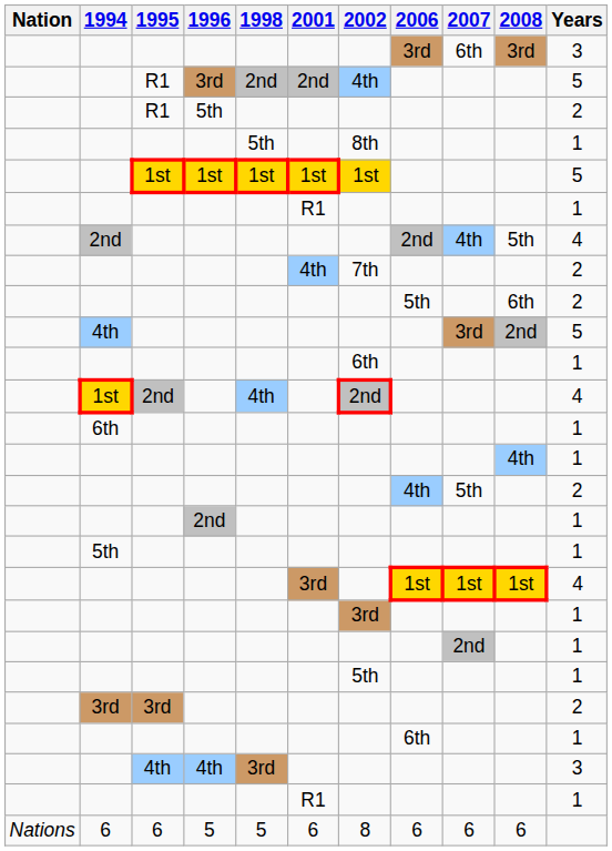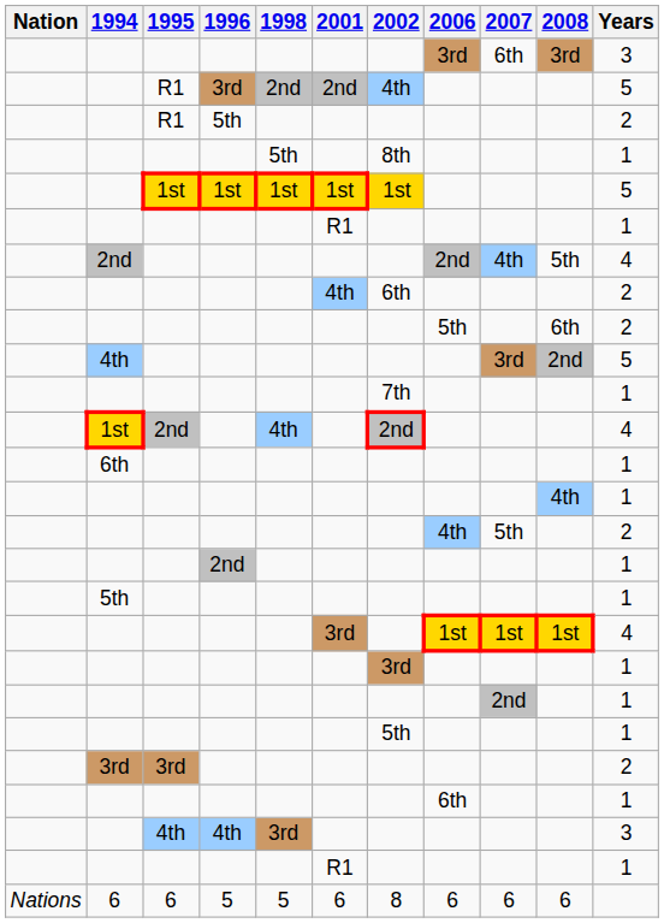 <table class="wikitable" style="text-align:center">
 <tr>
 <th>Nation</th>
 <th><a href='#'>1994</a><br></th>
 <th><a href='#'>1995</a><br></th>
 <th><a href='#'>1996</a><br></th>
 <th><a href='#'>1998</a><br></th>
 <th><a href='#'>2001</a><br></th>
 <th><a href='#'>2002</a><br></th>
 <th><a href='#'>2006</a><br></th>
 <th><a href='#'>2007</a><br></th>
 <th><a href='#'>2008</a><br></th>
 <th>Years</th>
 </tr>
 <tr>
 <td align=left></td>
 <td></td>
 <td></td>
 <td></td>
 <td></td>
 <td></td>
 <td></td>
 <td bgcolor=cc9966>3rd</td>
 <td>6th</td>
 <td bgcolor=cc9966>3rd</td>
 <td>3</td>
 </tr>
 <tr>
 <td align=left></td>
 <td></td>
 <td>R1</td>
 <td bgcolor=cc9966>3rd</td>
 <td bgcolor=silver>2nd</td>
 <td bgcolor=silver>2nd</td>
 <td bgcolor=9acdff>4th</td>
 <td></td>
 <td></td>
 <td></td>
 <td>5</td>
 </tr>
 <tr>
 <td align=left></td>
 <td></td>
 <td>R1</td>
 <td>5th</td>
 <td></td>
 <td></td>
 <td></td>
 <td></td>
 <td></td>
 <td></td>
 <td>2</td>
 </tr>
 <tr>
 <td align=left></td>
 <td></td>
 <td></td>
 <td></td>
 <td>5th</td>
 <td></td>
 <td>8th</td>
 <td></td>
 <td></td>
 <td></td>
 <td>1</td>
 </tr>
 <tr>
 <td align=left></td>
 <td></td>
 <td bgcolor=gold style="border:3px solid red">1st</td>
 <td bgcolor=gold style="border:3px solid red">1st</td>
 <td bgcolor=gold style="border:3px solid red">1st</td>
 <td bgcolor=gold style="border:3px solid red">1st</td>
 <td bgcolor=gold>1st</td>
 <td></td>
 <td></td>
 <td></td>
 <td>5</td>
 </tr>
 <tr>
 <td align=left></td>
 <td></td>
 <td></td>
 <td></td>
 <td></td>
 <td>R1</td>
 <td></td>
 <td></td>
 <td></td>
 <td></td>
 <td>1</td>
 </tr>
 <tr>
 <td align=left></td>
 <td bgcolor=silver>2nd</td>
 <td></td>
 <td></td>
 <td></td>
 <td></td>
 <td></td>
 <td bgcolor=silver>2nd</td>
 <td bgcolor=9acdff>4th</td>
 <td>5th</td>
 <td>4</td>
 </tr>
 <tr>
 <td align=left></td>
 <td></td>
 <td></td>
 <td></td>
 <td></td>
 <td bgcolor=9acdff>4th</td>
-<td>7th</td>
+<td>6th</td>
 <td></td>
 <td></td>
 <td></td>
 <td>2</td>
 </tr>
 <tr>
 <td align=left></td>
 <td></td>
 <td></td>
 <td></td>
 <td></td>
 <td></td>
 <td></td>
 <td>5th</td>
 <td></td>
 <td>6th</td>
 <td>2</td>
 </tr>
 <tr>
 <td align=left></td>
 <td bgcolor=9acdff>4th</td>
 <td></td>
 <td></td>
 <td></td>
 <td></td>
 <td></td>
 <td></td>
 <td bgcolor=cc9966>3rd</td>
 <td bgcolor=silver>2nd</td>
 <td>5</td>
 </tr>
 <tr>
 <td align=left></td>
 <td></td>
 <td></td>
 <td></td>
 <td></td>
 <td></td>
-<td>6th</td>
+<td>7th</td>
 <td></td>
 <td></td>
 <td></td>
 <td>1</td>
 </tr>
 <tr>
 <td align=left></td>
 <td bgcolor=gold style="border:3px solid red">1st</td>
 <td bgcolor=silver>2nd</td>
 <td></td>
 <td bgcolor=9acdff>4th</td>
 <td></td>
 <td bgcolor=silver style="border:3px solid red">2nd</td>
 <td></td>
 <td></td>
 <td></td>
 <td>4</td>
 </tr>
 <tr>
 <td align=left></td>
 <td>6th</td>
 <td></td>
 <td></td>
 <td></td>
 <td></td>
 <td></td>
 <td></td>
 <td></td>
 <td></td>
 <td>1</td>
 </tr>
 <tr>
 <td align=left></td>
 <td></td>
 <td></td>
 <td></td>
 <td></td>
 <td></td>
 <td></td>
 <td></td>
 <td></td>
 <td bgcolor=9acdff>4th</td>
 <td>1</td>
 </tr>
 <tr>
 <td align=left></td>
 <td></td>
 <td></td>
 <td></td>
 <td></td>
 <td></td>
 <td></td>
 <td bgcolor=9acdff>4th</td>
 <td>5th</td>
 <td></td>
 <td>2</td>
 </tr>
 <tr>
 <td align=left></td>
 <td></td>
 <td></td>
 <td bgcolor=silver>2nd</td>
 <td></td>
 <td></td>
 <td></td>
 <td></td>
 <td></td>
 <td></td>
 <td>1</td>
 </tr>
 <tr>
 <td align=left></td>
 <td>5th</td>
 <td></td>
 <td></td>
 <td></td>
 <td></td>
 <td></td>
 <td></td>
 <td></td>
 <td></td>
 <td>1</td>
 </tr>
 <tr>
 <td align=left></td>
 <td></td>
 <td></td>
 <td></td>
 <td></td>
 <td bgcolor=cc9966>3rd</td>
 <td></td>
 <td bgcolor=gold style="border:3px solid red">1st</td>
 <td bgcolor=gold style="border:3px solid red">1st</td>
 <td bgcolor=gold style="border:3px solid red">1st</td>
 <td>4</td>
 </tr>
 <tr>
 <td align=left></td>
 <td></td>
 <td></td>
 <td></td>
 <td></td>
 <td></td>
 <td bgcolor=cc9966>3rd</td>
 <td></td>
 <td></td>
 <td></td>
 <td>1</td>
 </tr>
 <tr>
 <td align=left></td>
 <td></td>
 <td></td>
 <td></td>
 <td></td>
 <td></td>
 <td></td>
 <td></td>
 <td bgcolor=silver>2nd</td>
 <td></td>
 <td>1</td>
 </tr>
 <tr>
 <td align=left></td>
 <td></td>
 <td></td>
 <td></td>
 <td></td>
 <td></td>
 <td>5th</td>
 <td></td>
 <td></td>
 <td></td>
 <td>1</td>
 </tr>
 <tr>
 <td align=left></td>
 <td bgcolor=cc9966>3rd</td>
 <td bgcolor=cc9966>3rd</td>
 <td></td>
 <td></td>
 <td></td>
 <td></td>
 <td></td>
 <td></td>
 <td></td>
 <td>2</td>
 </tr>
 <tr>
 <td align=left></td>
 <td></td>
 <td></td>
 <td></td>
 <td></td>
 <td></td>
 <td></td>
 <td>6th</td>
 <td></td>
 <td></td>
 <td>1</td>
 </tr>
 <tr>
 <td align=left></td>
 <td></td>
 <td bgcolor=9acdff>4th</td>
 <td bgcolor=9acdff>4th</td>
 <td bgcolor=cc9966>3rd</td>
 <td></td>
 <td></td>
 <td></td>
 <td></td>
 <td></td>
 <td>3</td>
 </tr>
 <tr>
 <td align=left></td>
 <td></td>
 <td></td>
 <td></td>
 <td></td>
 <td>R1</td>
 <td></td>
 <td></td>
 <td></td>
 <td></td>
 <td>1</td>
 </tr>
 <tr>
 <td><em>Nations</em></td>
 <td>6</td>
 <td>6</td>
 <td>5</td>
 <td>5</td>
 <td>6</td>
 <td>8</td>
 <td>6</td>
 <td>6</td>
 <td>6</td>
 <td></td>
 </tr>
 </table>
